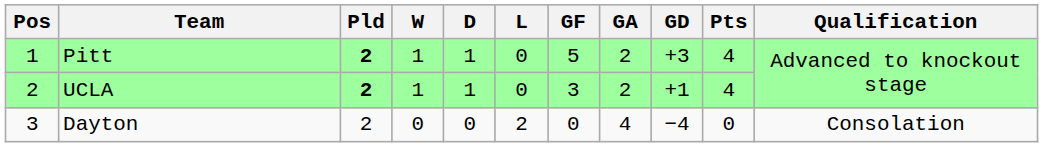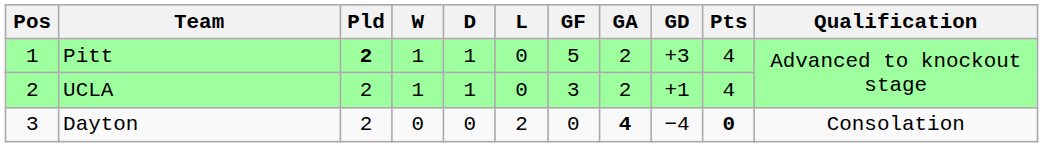 <table class="wikitable" style="text-align:center; margin: 1em auto">
 <tr>
 <th style="width:2em">Pos</th>
 <th style="width:13em">Team</th>
 <th style="width:2em">Pld</th>
 <th style="width:2em">W</th>
 <th style="width:2em">D</th>
 <th style="width:2em">L</th>
 <th style="width:2em">GF</th>
 <th style="width:2em">GA</th>
 <th style="width:2em">GD</th>
 <th style="width:2em">Pts</th>
 <th style="width:13em">Qualification</th>
 </tr>
 <tr bgcolor="#9eff9e">
 <td>1</td>
 <td style="text-align:left">Pitt</td>
 <td><strong>2</strong></td>
 <td>1</td>
 <td>1</td>
 <td>0</td>
 <td>5</td>
 <td>2</td>
 <td>+3</td>
 <td>4</td>
 <td rowspan="2">Advanced to knockout stage</td>
 </tr>
 <tr bgcolor="#9eff9e">
 <td>2</td>
 <td style="text-align:left">UCLA</td>
-<td><strong>2</strong></td>
+<td>2</td>
 <td>1</td>
 <td>1</td>
 <td>0</td>
 <td>3</td>
 <td>2</td>
 <td>+1</td>
 <td>4</td>
 </tr>
 <tr>
 <td>3</td>
 <td style="text-align:left">Dayton</td>
 <td>2</td>
 <td>0</td>
 <td>0</td>
 <td>2</td>
 <td>0</td>
-<td>4</td>
+<td><strong>4</strong></td>
 <td>−4</td>
-<td>0</td>
+<td><strong>0</strong></td>
 <td>Consolation</td>
 </tr>
 </table>
